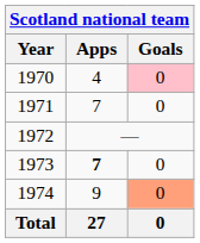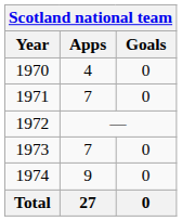 <table class="wikitable" style="text-align:center">
 <tr>
 <th colspan=3><a href='#'>Scotland national team</a></th>
 </tr>
 <tr>
 <th>Year</th>
 <th>Apps</th>
 <th>Goals</th>
 </tr>
 <tr>
 <td>1970</td>
 <td>4</td>
-<td style="background: pink;">0</td>
+<td>0</td>
 </tr>
 <tr>
 <td>1971</td>
 <td>7</td>
 <td>0</td>
 </tr>
 <tr>
 <td>1972</td>
 <td colspan=2>—</td>
 </tr>
 <tr>
 <td>1973</td>
-<td><strong>7</strong></td>
+<td>7</td>
 <td>0</td>
 </tr>
 <tr>
 <td>1974</td>
 <td>9</td>
-<td style="background: lightsalmon;">0</td>
+<td>0</td>
 </tr>
 <tr>
 <th>Total</th>
 <th>27</th>
 <th>0</th>
 </tr>
 </table>
